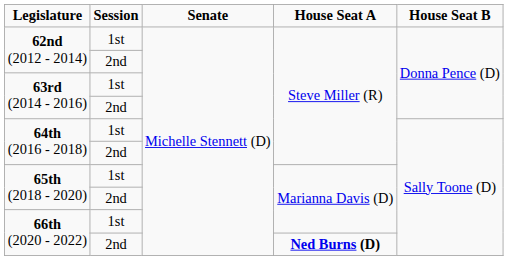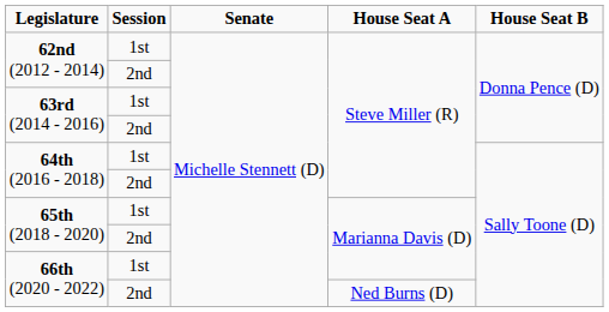 <table class=wikitable style="text-align:center">
 <tr>
 <td><strong>Legislature</strong></td>
 <td><strong>Session</strong></td>
 <td><strong>Senate</strong></td>
 <td><strong>House Seat A</strong></td>
 <td><strong>House Seat B</strong></td>
 </tr>
 <tr>
 <td rowspan="2" colspan="1" style="text-align: center;"><strong>62nd</strong> <br> (2012 - 2014)</td>
 <td>1st</td>
 <td rowspan="10" colspan="1" style="text-align: center;" ><a href='#'>Michelle Stennett</a> (D)</td>
 <td rowspan="6" colspan="1" style="text-align: center;" ><a href='#'>Steve Miller</a> (R)</td>
 <td rowspan="4" colspan="1" style="text-align: center;" ><a href='#'>Donna Pence</a> (D)</td>
 </tr>
 <tr>
 <td>2nd</td>
 </tr>
 <tr>
 <td rowspan="2" colspan="1" style="text-align: center;"><strong>63rd</strong> <br> (2014 - 2016)</td>
 <td>1st</td>
 </tr>
 <tr>
 <td>2nd</td>
 </tr>
 <tr>
 <td rowspan="2" colspan="1" style="text-align: center;"><strong>64th</strong> <br> (2016 - 2018)</td>
 <td>1st</td>
 <td rowspan="6" colspan="1" style="text-align: center;" ><a href='#'>Sally Toone</a> (D)</td>
 </tr>
 <tr>
 <td>2nd</td>
 </tr>
 <tr>
 <td rowspan="2" colspan="1" style="text-align: center;"><strong>65th</strong> <br> (2018 - 2020)</td>
 <td>1st</td>
 <td rowspan="3" colspan="1" style="text-align: center;" ><a href='#'>Marianna Davis</a> (D)</td>
 </tr>
 <tr>
 <td>2nd</td>
 </tr>
 <tr>
 <td rowspan="2" colspan="1" style="text-align: center;"><strong>66th</strong> <br> (2020 - 2022)</td>
 <td>1st</td>
 </tr>
 <tr>
 <td>2nd</td>
-<td rowspan="1" colspan="1" style="text-align: center;" ><strong><a href='#'>Ned Burns</a> (D)</strong></td>
+<td rowspan="1" colspan="1" style="text-align: center;" ><a href='#'>Ned Burns</a> (D)</td>
 </tr>
 </table>
